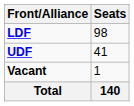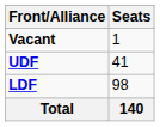 <table class="wikitable sortable">
 <tr>
 <th scope="col">Front/Alliance</th>
 <th scope="col">Seats</th>
 </tr>
 <tr>
-<td style="background:"><strong><a href='#'><span>LDF</span></a></strong></td>
-<td>98</td>
+<td><strong>Vacant</strong></td>
+<td>1</td>
 </tr>
 <tr>
 <td style="background-color:"><strong><a href='#'><span>UDF</span></a></strong></td>
 <td>41</td>
 </tr>
 <tr>
-<td><strong>Vacant</strong></td>
-<td>1</td>
+<td style="background:"><strong><a href='#'><span>LDF</span></a></strong></td>
+<td>98</td>
 </tr>
 <tr>
 <th>Total</th>
 <th>140</th>
 </tr>
 </table>
